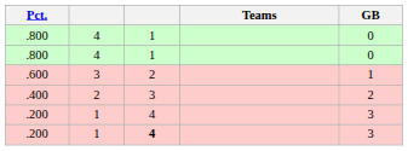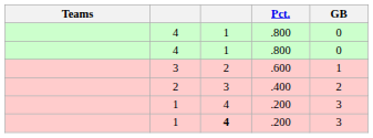 <table class="wikitable" width="40%" style="text-align:center;">
 <tr>
-<th width="8%"><a href='#'>Pct.</a></th>
+<th width="20%">Teams</th>
 <th width="7%"></th>
 <th width="7%"></th>
-<th width="20%">Teams</th>
+<th width="8%"><a href='#'>Pct.</a></th>
 <th width="8%">GB</th>
 </tr>
 <tr bgcolor="#cfc">
-<td>.800</td>
+<td align=left></td>
 <td>4</td>
 <td>1</td>
-<td align=left></td>
+<td>.800</td>
 <td>0</td>
 </tr>
 <tr bgcolor="#cfc">
-<td>.800</td>
+<td align=left></td>
 <td>4</td>
 <td>1</td>
-<td align=left></td>
+<td>.800</td>
 <td>0</td>
 </tr>
 <tr bgcolor="#fcc">
-<td>.600</td>
+<td align=left></td>
 <td>3</td>
 <td>2</td>
-<td align=left></td>
+<td>.600</td>
 <td>1</td>
 </tr>
 <tr bgcolor="#fcc">
-<td>.400</td>
+<td align=left></td>
 <td>2</td>
 <td>3</td>
-<td align=left></td>
+<td>.400</td>
 <td>2</td>
 </tr>
 <tr bgcolor="#fcc">
-<td>.200</td>
+<td align=left></td>
 <td>1</td>
 <td>4</td>
-<td align=left></td>
+<td>.200</td>
 <td>3</td>
 </tr>
 <tr bgcolor="#fcc">
-<td>.200</td>
+<td align=left></td>
 <td>1</td>
 <td><strong>4</strong></td>
-<td align=left></td>
+<td>.200</td>
 <td>3</td>
 </tr>
 </table>
